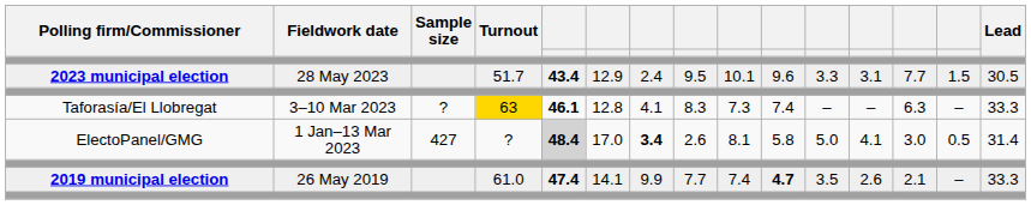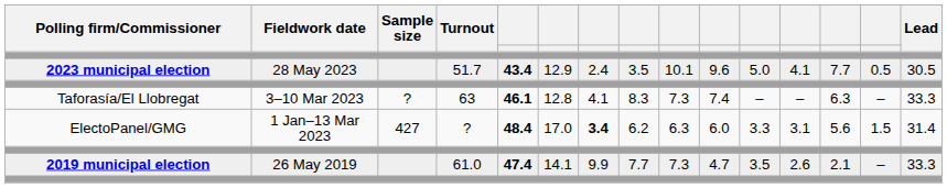 <table class="wikitable collapsible collapsed" style="text-align:center; font-size:95%; line-height:16px;">
 <tr style="height:42px;">
 <th style="width:250px;" rowspan="2">Polling firm/Commissioner</th>
 <th style="width:125px;" rowspan="2">Fieldwork date</th>
 <th style="width:50px;" rowspan="2">Sample size</th>
 <th style="width:45px;" rowspan="2">Turnout</th>
 <th style="width:35px;"></th>
 <th style="width:35px;"></th>
 <th style="width:35px;"></th>
 <th style="width:35px;"></th>
 <th style="width:35px;"></th>
 <th style="width:35px;"></th>
 <th style="width:35px;"></th>
 <th style="width:35px;"><br></th>
 <th style="width:35px;"></th>
 <th style="width:35px;"></th>
 <th style="width:30px;" rowspan="2">Lead</th>
 </tr>
 <tr>
 <th style="color:inherit;background:"></th>
 <th style="color:inherit;background:"></th>
 <th style="color:inherit;background:"></th>
 <th style="color:inherit;background:"></th>
 <th style="color:inherit;background:"></th>
 <th style="color:inherit;background:"></th>
 <th style="color:inherit;background:"></th>
 <th style="color:inherit;background:"></th>
 <th style="color:inherit;background:"></th>
 <th style="color:inherit;background:"></th>
 </tr>
 <tr>
 <td colspan="15" style="background:#A0A0A0"></td>
 </tr>
 <tr style="background:#EFEFEF;">
 <td><strong><a href='#'>2023 municipal election</a></strong></td>
 <td>28 May 2023</td>
 <td></td>
 <td>51.7</td>
 <td><strong>43.4</strong><br></td>
 <td>12.9<br></td>
 <td>2.4<br></td>
-<td>9.5<br></td>
+<td>3.5<br></td>
 <td>10.1<br></td>
 <td>9.6<br></td>
-<td>3.3<br></td>
-<td>3.1<br></td>
+<td>5.0<br></td>
+<td>4.1<br></td>
 <td>7.7<br></td>
-<td>1.5<br></td>
+<td>0.5<br></td>
 <td style="background:">30.5</td>
 </tr>
 <tr>
 <td colspan="15" style="background:#A0A0A0"></td>
 </tr>
 <tr>
 <td>Taforasía/El Llobregat</td>
 <td>3–10 Mar 2023</td>
 <td>?</td>
-<td style="background: gold;">63</td>
+<td>63</td>
 <td><strong>46.1</strong><br></td>
 <td>12.8<br></td>
 <td>4.1<br></td>
 <td>8.3<br></td>
 <td>7.3<br></td>
 <td>7.4<br></td>
 <td>–</td>
 <td>–</td>
 <td>6.3<br></td>
 <td>–</td>
 <td style="background:">33.3</td>
 </tr>
 <tr>
 <td>ElectoPanel/GMG</td>
 <td>1 Jan–13 Mar 2023</td>
 <td>427</td>
 <td>?</td>
-<td style="background: lightgrey;"><strong>48.4</strong><br></td>
+<td><strong>48.4</strong><br></td>
 <td>17.0<br></td>
 <td><strong>3.4<br></strong></td>
-<td>2.6<br></td>
-<td>8.1<br></td>
-<td>5.8<br></td>
-<td>5.0<br></td>
-<td>4.1<br></td>
-<td>3.0<br></td>
-<td>0.5<br></td>
+<td>6.2<br></td>
+<td>6.3<br></td>
+<td>6.0<br></td>
+<td>3.3<br></td>
+<td>3.1<br></td>
+<td>5.6<br></td>
+<td>1.5<br></td>
 <td style="background:">31.4</td>
 </tr>
 <tr>
 <td colspan="15" style="background:#A0A0A0"></td>
 </tr>
 <tr style="background:#EFEFEF;">
 <td><strong><a href='#'>2019 municipal election</a></strong></td>
 <td>26 May 2019</td>
 <td></td>
 <td>61.0</td>
 <td><strong>47.4</strong><br></td>
 <td>14.1<br></td>
 <td>9.9<br></td>
 <td>7.7<br></td>
-<td>7.4<br></td>
-<td><strong>4.7<br></strong></td>
+<td>7.3<br></td>
+<td>4.7<br></td>
 <td>3.5<br></td>
 <td>2.6<br></td>
 <td>2.1<br></td>
 <td>–</td>
 <td style="background:">33.3</td>
 </tr>
 <tr>
 <td colspan="15" style="background:#A0A0A0"></td>
 </tr>
 </table>
